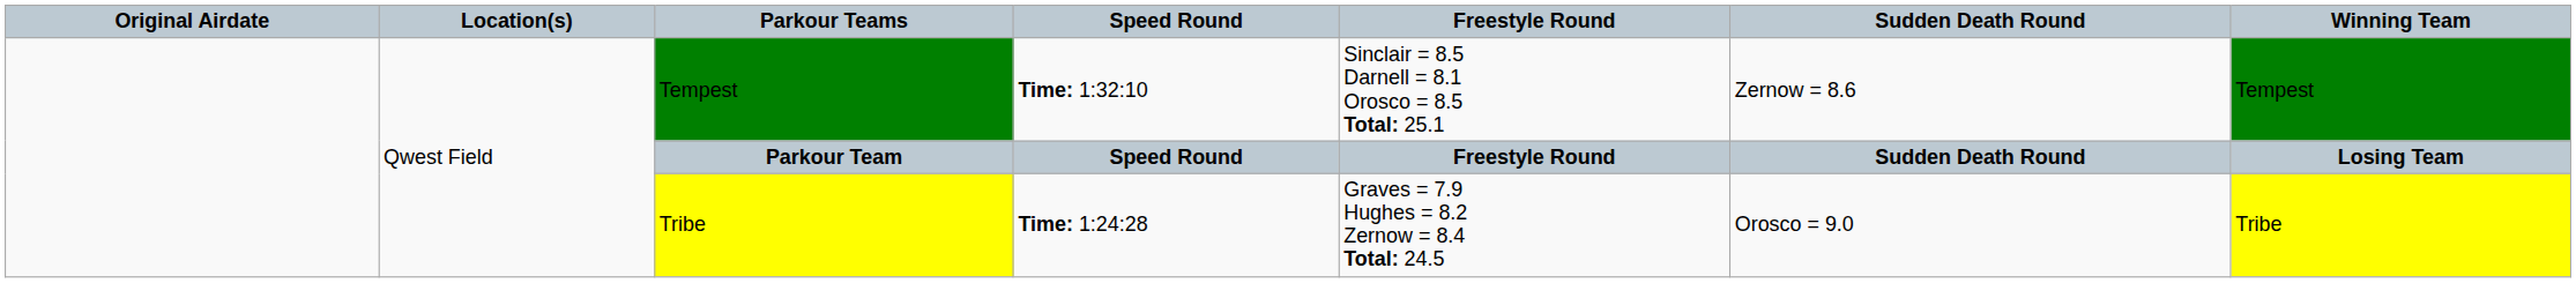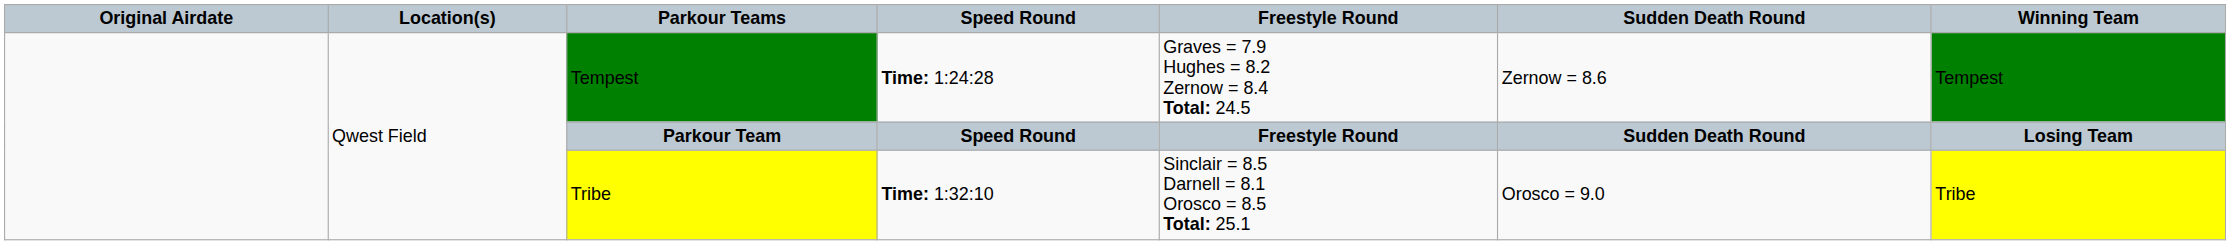 <table class="wikitable" style="margin: auto; width: 100%">
 <tr style="background:#BCC9D2; color:black">
 <th style="background-color: #BCC9D2;">Original Airdate</th>
 <th style="background-color: #BCC9D2;">Location(s)</th>
 <th style="background-color: #BCC9D2;">Parkour Teams</th>
 <th style="background-color: #BCC9D2;">Speed Round</th>
 <th style="background-color: #BCC9D2;">Freestyle Round</th>
 <th style="background-color: #BCC9D2;">Sudden Death Round</th>
 <th style="background-color: #BCC9D2;">Winning Team</th>
 </tr>
 <tr>
 <td rowspan="3"></td>
 <td rowspan="3">Qwest Field</td>
 <td bgcolor="green"><span>Tempest</span></td>
-<td><strong>Time:</strong> 1:32:10</td>
-<td>Sinclair = 8.5<br>Darnell = 8.1<br>Orosco = 8.5<br><strong>Total:</strong> 25.1</td>
+<td><strong>Time:</strong> 1:24:28</td>
+<td>Graves = 7.9<br>Hughes = 8.2<br>Zernow = 8.4<br><strong>Total:</strong> 24.5</td>
 <td>Zernow = 8.6</td>
 <td bgcolor="green"><span>Tempest</span></td>
 </tr>
 <tr>
 <th style="background-color: #BCC9D2;">Parkour Team</th>
 <th style="background-color: #BCC9D2;">Speed Round</th>
 <th style="background-color: #BCC9D2;">Freestyle Round</th>
 <th style="background-color: #BCC9D2;">Sudden Death Round</th>
 <th style="background-color: #BCC9D2;">Losing Team</th>
 </tr>
 <tr>
 <td bgcolor="yellow"><span>Tribe</span></td>
-<td><strong>Time:</strong> 1:24:28</td>
-<td>Graves = 7.9<br>Hughes = 8.2<br>Zernow = 8.4<br><strong>Total:</strong> 24.5</td>
+<td><strong>Time:</strong> 1:32:10</td>
+<td>Sinclair = 8.5<br>Darnell = 8.1<br>Orosco = 8.5<br><strong>Total:</strong> 25.1</td>
 <td>Orosco = 9.0</td>
 <td bgcolor="yellow"><span>Tribe</span></td>
 </tr>
 </table>
